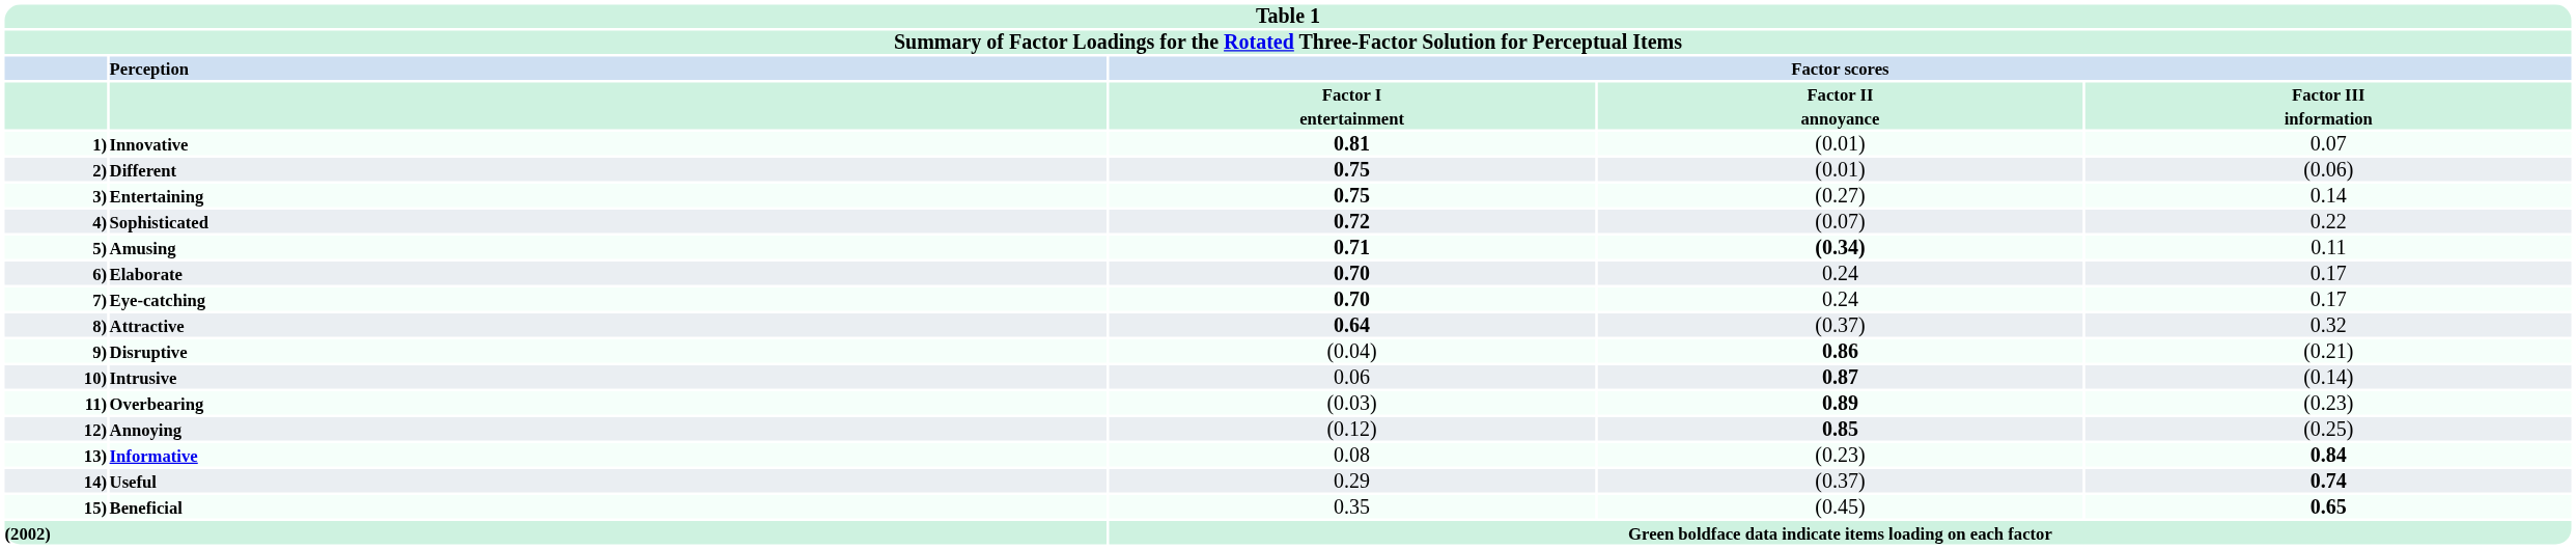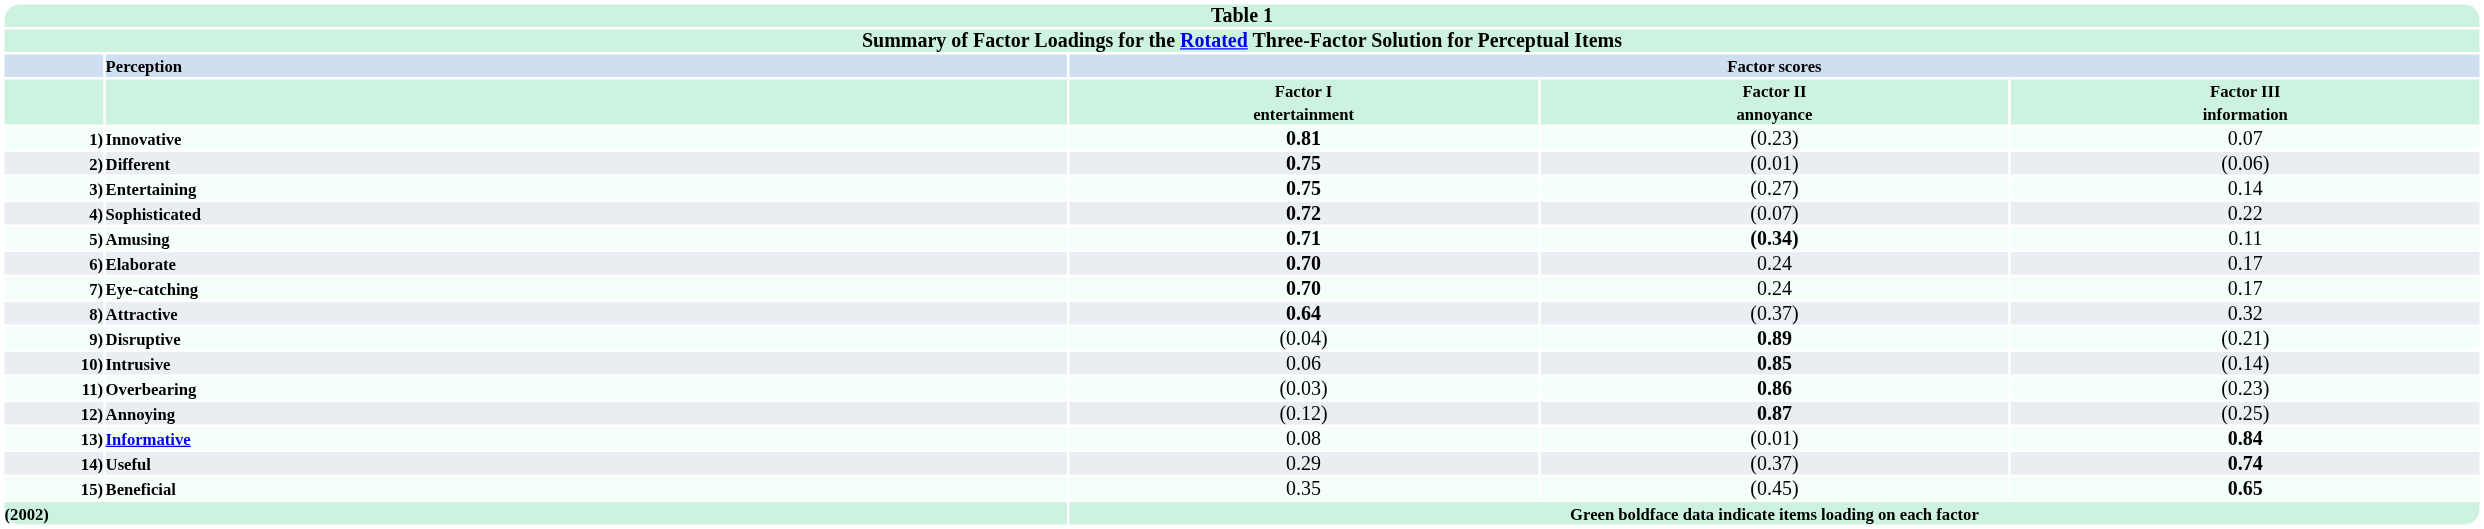 <table width="100%" border="0" cellpadding="0" style="border:0px solid #A3B1BF; ">
 <tr valign="bottom" style="text-align:center">
 <td colspan=5 style="background:#cef2e0; border-radius: 12px 12px 0px 0px; border:1px solid #a3bfb1 border-radius: 12px 12px 0px 0px;"><strong>Table 1</strong></td>
 </tr>
 <tr valign="bottom" style="text-align:center">
 <td colspan=5 style="background:#cef2e0; border:1px solid #a3bfb1 border-radius: 0px 0px 0px 0px;"><strong>Summary of Factor Loadings for the <a href='#'>Rotated</a> Three-Factor Solution for Perceptual Items</strong></td>
 </tr>
 <tr valign="bottom" style="text-align:center">
 <td colspan=1 style="color: black; background:#cedff2"></td>
 <td colspan=1 style="color: black; background:#cedff2; text-align:left"><strong><small>Perception</small></strong></td>
 <td colspan=3 style="color: black; background:#cedff2"><strong><small>Factor scores</small></strong></td>
 </tr>
 <tr valign="bottom" style="text-align:center">
 <td width="4%"; style="background:#cef2e0; text-align:right"></td>
 <td width="39%"; style="background:#cef2e0; text-align:left"></td>
 <td width="19%"; style="color: black; background:#cef2e0"><strong><small>Factor I<br>entertainment</small></strong></td>
 <td width="19%"; style="color: black; background:#cef2e0"><strong><small>Factor II<br>annoyance</small></strong></td>
 <td width="19%"; style="color: black; background:#cef2e0"><strong><small>Factor III<br>information</small></strong></td>
 </tr>
 <tr valign="bottom" style="text-align:center">
 <td width="4%"; style="background:#f5fffa; text-align:right"><strong><small>1)</small></strong></td>
 <td width="39%"; style="color: black; background:#f5fffa; text-align:left"><strong><small>Innovative</small></strong></td>
 <td width="19%"; style="color: black; background:#f5fffa"><strong><span>0.81</span></strong></td>
-<td width="19%"; style="color: black; background:#f5fffa"><span>(0.01)</span></td>
+<td width="19%"; style="color: black; background:#f5fffa"><span>(0.23)</span></td>
 <td width="19%"; style="color: black; background:#f5fffa">0.07</td>
 </tr>
 <tr valign="bottom" style="text-align:center">
 <td width="4%"; style="background:#EAEEF2; text-align:right"><strong><small>2)</small></strong></td>
 <td width="39%"; style="color: black; background:#EAEEF2; text-align:left"><strong><small>Different</small></strong></td>
 <td width="19%"; style="color: black; background:#EAEEF2"><strong><span>0.75</span></strong></td>
 <td width="19%"; style="color: black; background:#EAEEF2"><span>(0.01)</span></td>
 <td width="19%"; style="color: black; background:#EAEEF2"><span>(0.06)</span></td>
 </tr>
 <tr valign="bottom" style="text-align:center">
 <td width="4%"; style="background:#f5fffa; text-align:right"><strong><small>3)</small></strong></td>
 <td width="39%"; style="color: black; background:#f5fffa; text-align:left"><strong><small>Entertaining</small></strong></td>
 <td width="19%"; style="color: black; background:#f5fffa"><strong><span>0.75</span></strong></td>
 <td width="19%"; style="color: black; background:#f5fffa"><span>(0.27)</span></td>
 <td width="19%"; style="color: black; background:#f5fffa">0.14</td>
 </tr>
 <tr valign="bottom" style="text-align:center">
 <td width="4%"; style="background:#EAEEF2; text-align:right"><strong><small>4)</small></strong></td>
 <td width="39%"; style="color: black; background:#EAEEF2; text-align:left"><strong><small>Sophisticated</small></strong></td>
 <td width="19%"; style="color: black; background:#EAEEF2"><strong><span>0.72</span></strong></td>
 <td width="19%"; style="color: black; background:#EAEEF2"><span>(0.07)</span></td>
 <td width="19%"; style="color: black; background:#EAEEF2">0.22</td>
 </tr>
 <tr valign="bottom" style="text-align:center">
 <td width="4%"; style="background:#f5fffa; text-align:right"><strong><small>5)</small></strong></td>
 <td width="39%"; style="color: black; background:#f5fffa; text-align:left"><strong><small>Amusing</small></strong></td>
 <td width="19%"; style="color: black; background:#f5fffa"><strong><span>0.71</span></strong></td>
 <td width="19%"; style="color: black; background:#f5fffa"><strong><span>(0.34)</span></strong></td>
 <td width="19%"; style="color: black; background:#f5fffa">0.11</td>
 </tr>
 <tr valign="bottom" style="text-align:center">
 <td width="4%"; style="background:#EAEEF2; text-align:right"><strong><small>6)</small></strong></td>
 <td width="39%"; style="color: black; background:#EAEEF2; text-align:left"><strong><small>Elaborate</small></strong></td>
 <td width="19%"; style="color: black; background:#EAEEF2"><strong><span>0.70</span></strong></td>
 <td width="19%"; style="color: black; background:#EAEEF2">0.24</td>
 <td width="19%"; style="color: black; background:#EAEEF2">0.17</td>
 </tr>
 <tr valign="bottom" style="text-align:center">
 <td width="4%"; style="background:#f5fffa; text-align:right"><strong><small>7)</small></strong></td>
 <td width="39%"; style="color: black; background:#f5fffa; text-align:left"><strong><small>Eye-catching</small></strong></td>
 <td width="19%"; style="color: black; background:#f5fffa"><strong><span>0.70</span></strong></td>
 <td width="19%"; style="color: black; background:#f5fffa">0.24</td>
 <td width="19%"; style="color: black; background:#f5fffa">0.17</td>
 </tr>
 <tr valign="bottom" style="text-align:center">
 <td width="4%"; style="background:#EAEEF2; text-align:right"><strong><small>8)</small></strong></td>
 <td width="39%"; style="color: black; background:#EAEEF2; text-align:left"><strong><small>Attractive</small></strong></td>
 <td width="19%"; style="color: black; background:#EAEEF2"><strong><span>0.64</span></strong></td>
 <td width="19%"; style="color: black; background:#EAEEF2"><span>(0.37)</span></td>
 <td width="19%"; style="color: black; background:#EAEEF2">0.32</td>
 </tr>
 <tr valign="bottom" style="text-align:center">
 <td width="4%"; style="background:#f5fffa; text-align:right"><strong><small>9)</small></strong></td>
 <td width="39%"; style="color: black; background:#f5fffa; text-align:left"><strong><small>Disruptive</small></strong></td>
 <td width="19%"; style="color: black; background:#f5fffa"><span>(0.04)</span></td>
-<td width="19%"; style="color: black; background:#f5fffa"><strong><span>0.86</span></strong></td>
+<td width="19%"; style="color: black; background:#f5fffa"><strong><span>0.89</span></strong></td>
 <td width="19%"; style="color: black; background:#f5fffa"><span>(0.21)</span></td>
 </tr>
 <tr valign="bottom" style="text-align:center">
 <td width="4%"; style="background:#EAEEF2; text-align:right"><strong><small>10)</small></strong></td>
 <td width="39%"; style="color: black; background:#EAEEF2; text-align:left"><strong><small>Intrusive</small></strong></td>
 <td width="19%"; style="color: black; background:#EAEEF2">0.06</td>
-<td width="19%"; style="color: black; background:#EAEEF2"><strong><span>0.87</span></strong></td>
+<td width="19%"; style="color: black; background:#EAEEF2"><strong><span>0.85</span></strong></td>
 <td width="19%"; style="color: black; background:#EAEEF2"><span>(0.14)</span></td>
 </tr>
 <tr valign="bottom" style="text-align:center">
 <td width="4%"; style="background:#f5fffa; text-align:right"><strong><small>11)</small></strong></td>
 <td width="39%"; style="color: black; background:#f5fffa; text-align:left"><strong><small>Overbearing</small></strong></td>
 <td width="19%"; style="color: black; background:#f5fffa"><span>(0.03)</span></td>
-<td width="19%"; style="color: black; background:#f5fffa"><strong><span>0.89</span></strong></td>
+<td width="19%"; style="color: black; background:#f5fffa"><strong><span>0.86</span></strong></td>
 <td width="19%"; style="color: black; background:#f5fffa"><span>(0.23)</span></td>
 </tr>
 <tr valign="bottom" style="text-align:center">
 <td width="4%"; style="background:#EAEEF2; text-align:right"><strong><small>12)</small></strong></td>
 <td width="39%"; style="color: black; background:#EAEEF2; text-align:left"><strong><small>Annoying</small></strong></td>
 <td width="19%"; style="color: black; background:#EAEEF2"><span>(0.12)</span></td>
-<td width="19%"; style="color: black; background:#EAEEF2"><strong><span>0.85</span></strong></td>
+<td width="19%"; style="color: black; background:#EAEEF2"><strong><span>0.87</span></strong></td>
 <td width="19%"; style="color: black; background:#EAEEF2"><span>(0.25)</span></td>
 </tr>
 <tr valign="bottom" style="text-align:center">
 <td width="4%"; style="background:#f5fffa; text-align:right"><strong><small>13)</small></strong></td>
 <td width="39%"; style="color: black; background:#f5fffa; text-align:left"><strong><small><a href='#'>Informative</a></small></strong></td>
 <td width="19%"; style="color: black; background:#f5fffa">0.08</td>
-<td width="19%"; style="color: black; background:#f5fffa"><span>(0.23)</span></td>
+<td width="19%"; style="color: black; background:#f5fffa"><span>(0.01)</span></td>
 <td width="19%"; style="color: black; background:#f5fffa"><strong><span>0.84</span></strong></td>
 </tr>
 <tr valign="bottom" style="text-align:center">
 <td width="4%"; style="background:#EAEEF2; text-align:right"><strong><small>14)</small></strong></td>
 <td width="39%"; style="color: black; background:#EAEEF2; text-align:left"><strong><small>Useful</small></strong></td>
 <td width="19%"; style="color: black; background:#EAEEF2">0.29</td>
 <td width="19%"; style="color: black; background:#EAEEF2"><span>(0.37)</span></td>
 <td width="19%"; style="color: black; background:#EAEEF2"><strong><span>0.74</span></strong></td>
 </tr>
 <tr valign="bottom" style="text-align:center">
 <td width="4%"; style="background:#f5fffa; text-align:right"><strong><small>15)</small></strong></td>
 <td width="39%"; style="color: black; background:#f5fffa; text-align:left"><strong><small>Beneficial</small></strong></td>
 <td width="19%"; style="color: black; background:#f5fffa">0.35</td>
 <td width="19%"; style="color: black; background:#f5fffa"><span>(0.45)</span></td>
 <td width="19%"; style="color: black; background:#f5fffa"><strong><span>0.65</span></strong></td>
 </tr>
 <tr valign="bottom" style="text-align:left">
 <td colspan=2 style="color: black; background:#cef2e0; border-radius: 0px 0px 0px 12px;"><strong><small>(2002)</small></strong></td>
 <td colspan=3 style="background:#cef2e0; text-align:center; border-radius: 0px 0px 12px 0px;"><strong><small>Green boldface data indicate items loading on each factor</small></strong></td>
 </tr>
 </table>
